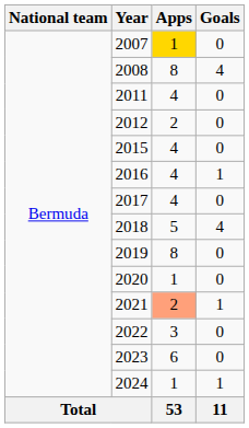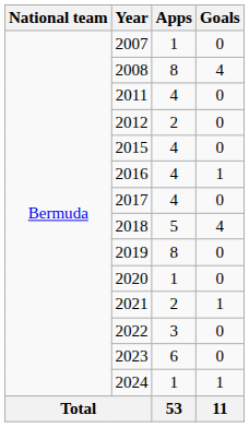 <table class="wikitable" style="text-align:center">
 <tr>
 <th>National team</th>
 <th>Year</th>
 <th>Apps</th>
 <th>Goals</th>
 </tr>
 <tr>
 <td rowspan="14"><a href='#'>Bermuda</a></td>
 <td>2007</td>
-<td style="background: gold;">1</td>
+<td>1</td>
 <td>0</td>
 </tr>
 <tr>
 <td>2008</td>
 <td>8</td>
 <td>4</td>
 </tr>
 <tr>
 <td>2011</td>
 <td>4</td>
 <td>0</td>
 </tr>
 <tr>
 <td>2012</td>
 <td>2</td>
 <td>0</td>
 </tr>
 <tr>
 <td>2015</td>
 <td>4</td>
 <td>0</td>
 </tr>
 <tr>
 <td>2016</td>
 <td>4</td>
 <td>1</td>
 </tr>
 <tr>
 <td>2017</td>
 <td>4</td>
 <td>0</td>
 </tr>
 <tr>
 <td>2018</td>
 <td>5</td>
 <td>4</td>
 </tr>
 <tr>
 <td>2019</td>
 <td>8</td>
 <td>0</td>
 </tr>
 <tr>
 <td>2020</td>
 <td>1</td>
 <td>0</td>
 </tr>
 <tr>
 <td>2021</td>
-<td style="background: lightsalmon;">2</td>
+<td>2</td>
 <td>1</td>
 </tr>
 <tr>
 <td>2022</td>
 <td>3</td>
 <td>0</td>
 </tr>
 <tr>
 <td>2023</td>
 <td>6</td>
 <td>0</td>
 </tr>
 <tr>
 <td>2024</td>
 <td>1</td>
 <td>1</td>
 </tr>
 <tr>
 <th colspan="2">Total</th>
 <th>53</th>
 <th>11</th>
 </tr>
 </table>
